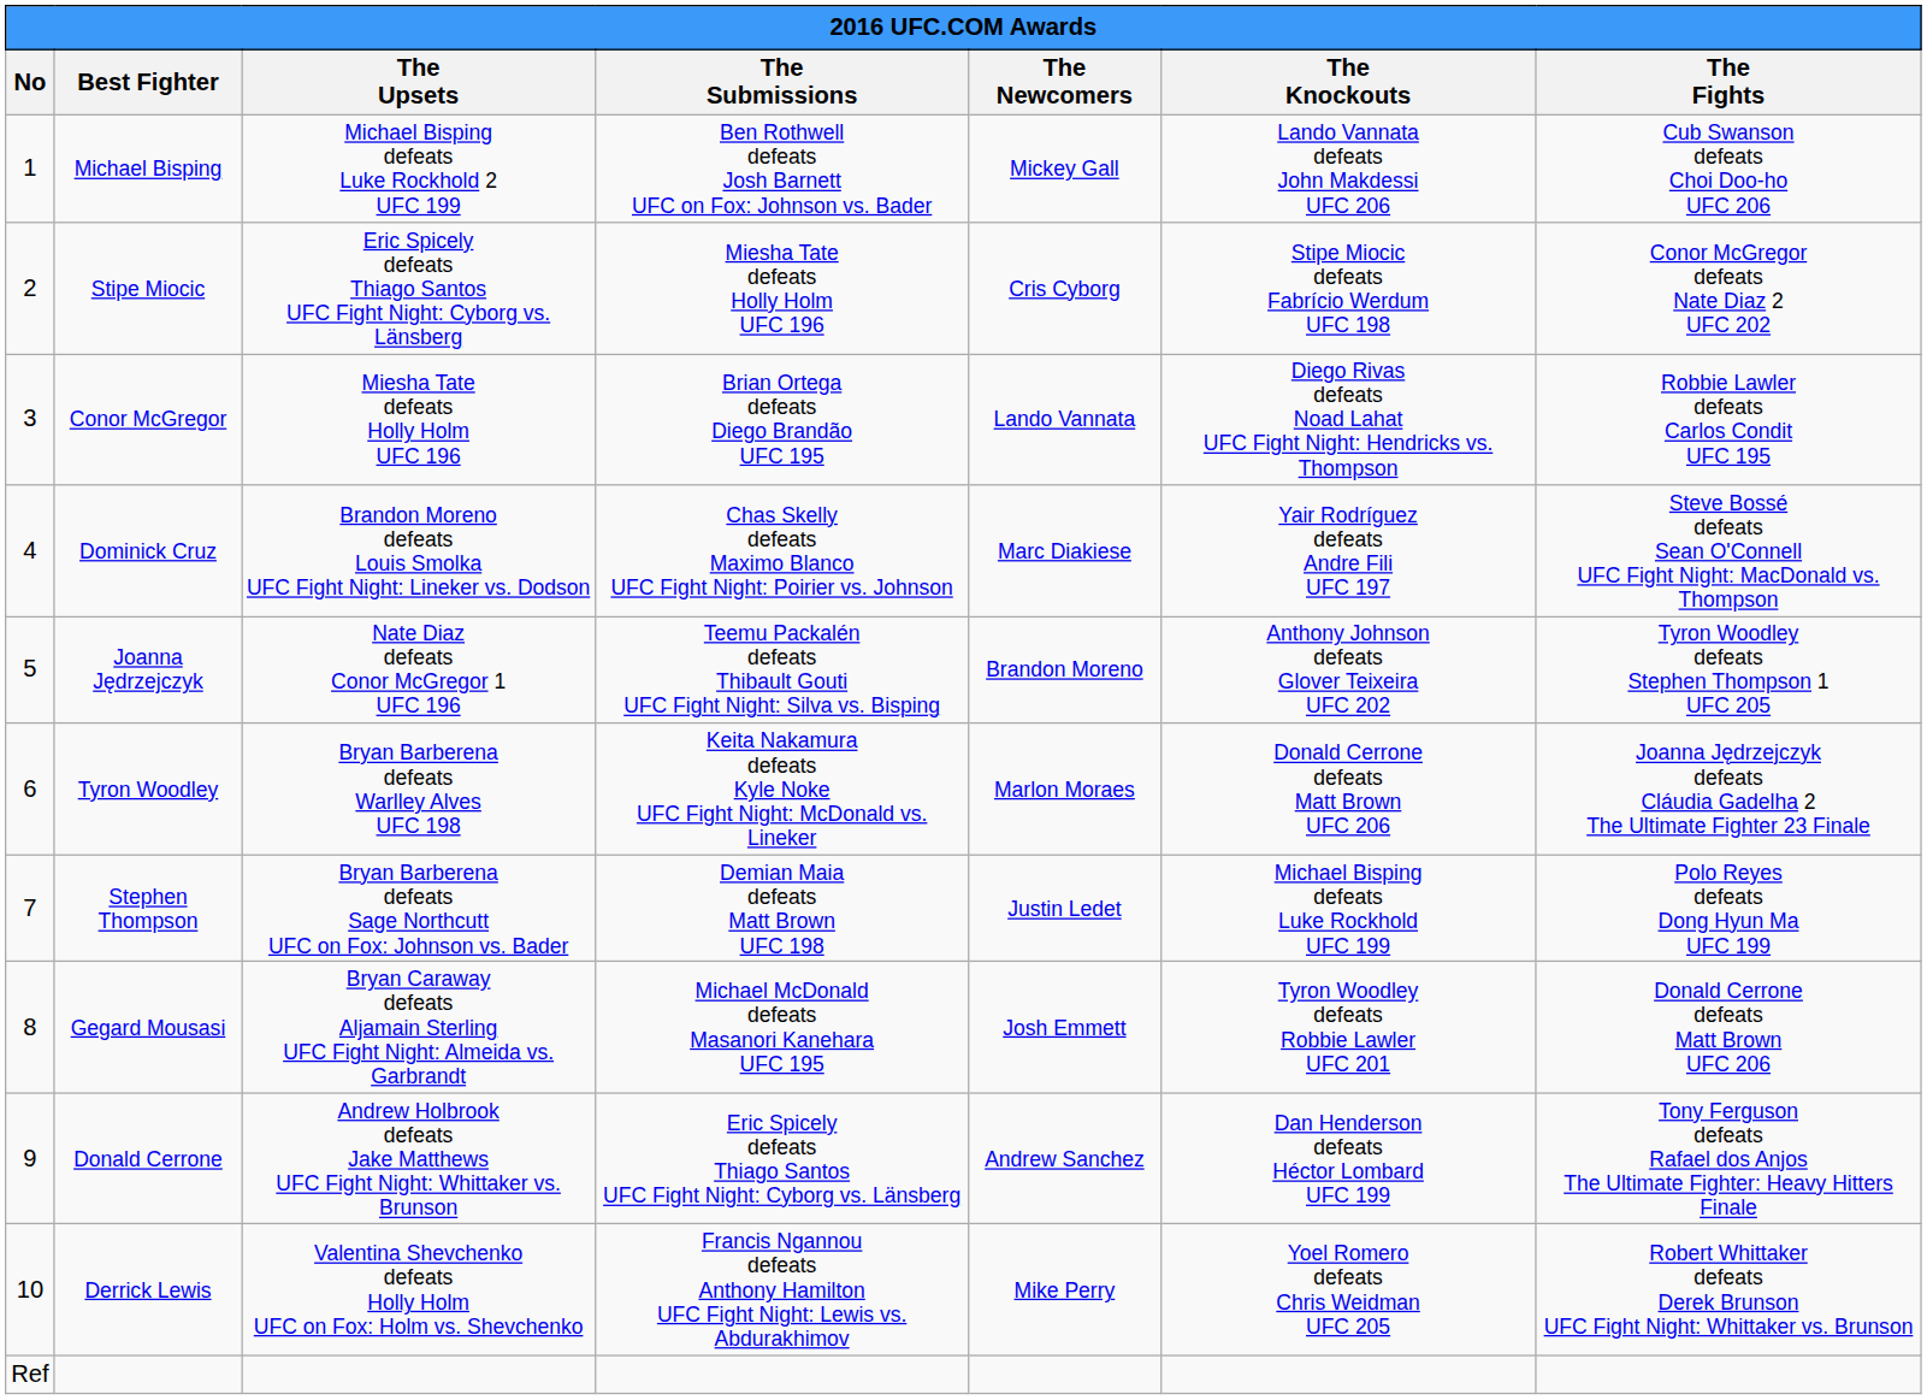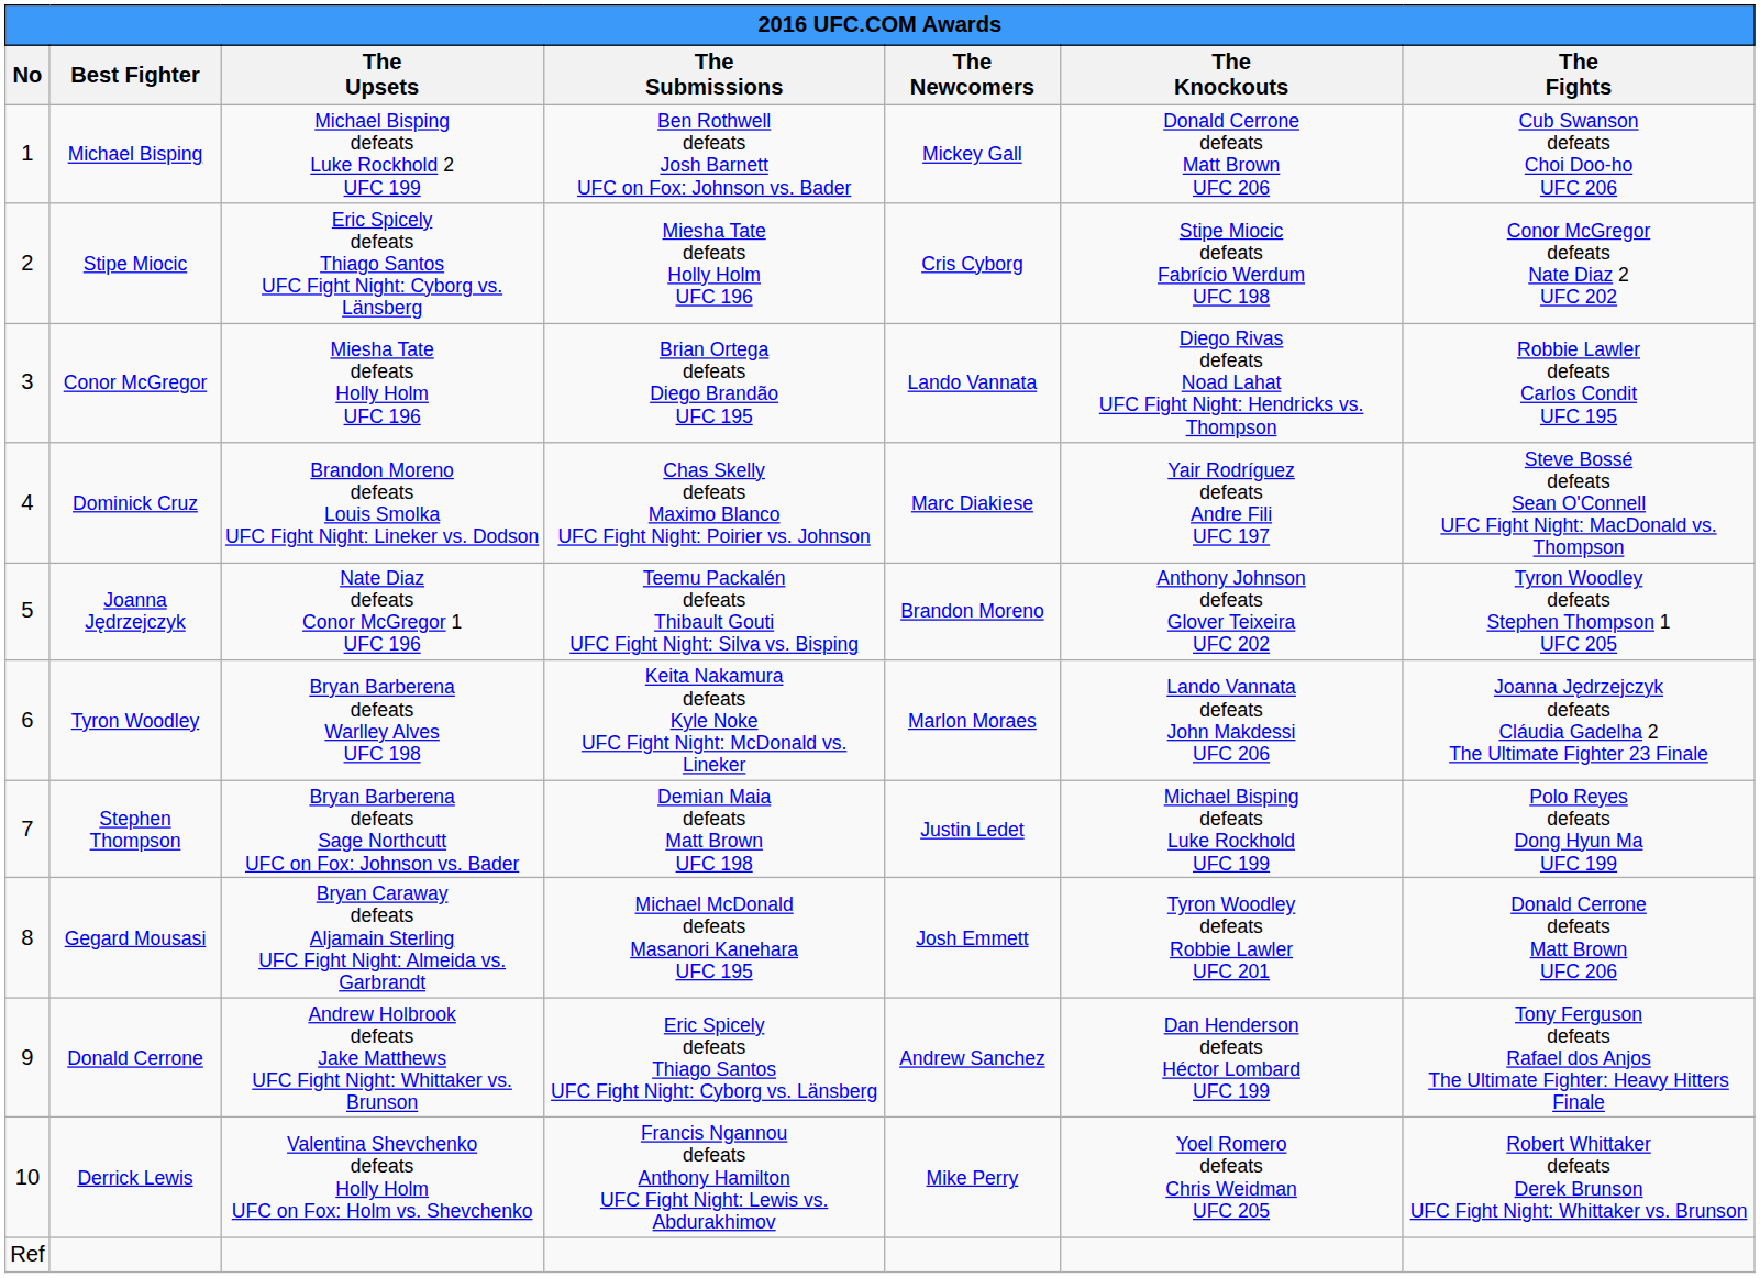 <table class="wikitable" width="100%" style="text-align:Center">
 <tr>
 <th colspan="7" style="border: 1px solid black; padding: 5px; background: #3B99FA;">2016 UFC.COM Awards</th>
 </tr>
 <tr>
 <th>No</th>
 <th>Best Fighter</th>
 <th>The<br>Upsets</th>
 <th>The<br>Submissions</th>
 <th>The Newcomers</th>
 <th>The<br>Knockouts</th>
 <th>The<br>Fights</th>
 </tr>
 <tr>
 <td>1</td>
 <td style="font-size:87%"><a href='#'>Michael Bisping</a></td>
 <td style="font-size:87%"><a href='#'>Michael Bisping</a> <br> defeats <br> <a href='#'>Luke Rockhold</a> 2<br> <a href='#'>UFC 199</a></td>
 <td style="font-size:87%"><a href='#'>Ben Rothwell</a> <br> defeats <br> <a href='#'>Josh Barnett</a> <br> <a href='#'>UFC on Fox: Johnson vs. Bader</a></td>
 <td style="font-size:87%"><a href='#'>Mickey Gall</a></td>
-<td style="font-size:87%"><a href='#'>Lando Vannata</a> <br> defeats <br> <a href='#'>John Makdessi</a> <br> <a href='#'>UFC 206</a></td>
+<td style="font-size:87%"><a href='#'>Donald Cerrone</a> <br> defeats <br> <a href='#'>Matt Brown</a> <br> <a href='#'>UFC 206</a></td>
 <td style="font-size:87%"><a href='#'>Cub Swanson</a> <br> defeats <br> <a href='#'>Choi Doo-ho</a> <br> <a href='#'>UFC 206</a></td>
 </tr>
 <tr>
 <td>2</td>
 <td style="font-size:87%"><a href='#'>Stipe Miocic</a></td>
 <td style="font-size:87%"><a href='#'>Eric Spicely</a> <br> defeats <br> <a href='#'>Thiago Santos</a> <br> <a href='#'>UFC Fight Night: Cyborg vs. Länsberg</a></td>
 <td style="font-size:87%"><a href='#'>Miesha Tate</a> <br> defeats  <br> <a href='#'>Holly Holm</a> <br> <a href='#'>UFC 196</a></td>
 <td style="font-size:87%"><a href='#'>Cris Cyborg</a></td>
 <td style="font-size:87%"><a href='#'>Stipe Miocic</a> <br> defeats <br> <a href='#'>Fabrício Werdum</a> <br> <a href='#'>UFC 198</a></td>
 <td style="font-size:87%"><a href='#'>Conor McGregor</a> <br> defeats <br> <a href='#'>Nate Diaz</a> 2 <br> <a href='#'>UFC 202</a></td>
 </tr>
 <tr>
 <td>3</td>
 <td style="font-size:87%"><a href='#'>Conor McGregor</a></td>
 <td style="font-size:87%"><a href='#'>Miesha Tate</a> <br> defeats  <br> <a href='#'>Holly Holm</a> <br> <a href='#'>UFC 196</a></td>
 <td style="font-size:87%"><a href='#'>Brian Ortega</a> <br> defeats  <br> <a href='#'>Diego Brandão</a> <br> <a href='#'>UFC 195</a></td>
 <td style="font-size:87%"><a href='#'>Lando Vannata</a></td>
 <td style="font-size:87%"><a href='#'>Diego Rivas</a> <br> defeats <br> <a href='#'>Noad Lahat</a> <br> <a href='#'>UFC Fight Night: Hendricks vs. Thompson</a></td>
 <td style="font-size:87%"><a href='#'>Robbie Lawler</a> <br> defeats <br> <a href='#'>Carlos Condit</a> <br> <a href='#'>UFC 195</a></td>
 </tr>
 <tr>
 <td>4</td>
 <td style="font-size:87%"><a href='#'>Dominick Cruz</a></td>
 <td style="font-size:87%"><a href='#'>Brandon Moreno</a> <br> defeats <br> <a href='#'>Louis Smolka</a> <br> <a href='#'>UFC Fight Night: Lineker vs. Dodson</a></td>
 <td style="font-size:87%"><a href='#'>Chas Skelly</a> <br> defeats <br> <a href='#'>Maximo Blanco</a> <br> <a href='#'>UFC Fight Night: Poirier vs. Johnson</a></td>
 <td style="font-size:87%"><a href='#'>Marc Diakiese</a></td>
 <td style="font-size:87%"><a href='#'>Yair Rodríguez</a> <br> defeats <br> <a href='#'>Andre Fili</a> <br> <a href='#'>UFC 197</a></td>
 <td style="font-size:87%"><a href='#'>Steve Bossé</a> <br> defeats <br> <a href='#'>Sean O'Connell</a> <br> <a href='#'>UFC Fight Night: MacDonald vs. Thompson</a></td>
 </tr>
 <tr>
 <td>5</td>
 <td style="font-size:87%"><a href='#'>Joanna Jędrzejczyk</a></td>
 <td style="font-size:87%"><a href='#'>Nate Diaz</a> <br> defeats <br> <a href='#'>Conor McGregor</a> 1 <br> <a href='#'>UFC 196</a></td>
 <td style="font-size:87%"><a href='#'>Teemu Packalén</a> <br> defeats <br> <a href='#'>Thibault Gouti</a> <br> <a href='#'>UFC Fight Night: Silva vs. Bisping</a></td>
 <td style="font-size:87%"><a href='#'>Brandon Moreno</a></td>
 <td style="font-size:87%"><a href='#'>Anthony Johnson</a> <br> defeats <br> <a href='#'>Glover Teixeira</a> <br> <a href='#'>UFC 202</a></td>
 <td style="font-size:87%"><a href='#'>Tyron Woodley</a> <br> defeats <br> <a href='#'>Stephen Thompson</a> 1 <br> <a href='#'>UFC 205</a></td>
 </tr>
 <tr>
 <td>6</td>
 <td style="font-size:87%"><a href='#'>Tyron Woodley</a></td>
 <td style="font-size:87%"><a href='#'>Bryan Barberena</a> <br> defeats <br> <a href='#'>Warlley Alves</a> <br> <a href='#'>UFC 198</a></td>
 <td style="font-size:87%"><a href='#'>Keita Nakamura</a> <br> defeats <br> <a href='#'>Kyle Noke</a> <br> <a href='#'>UFC Fight Night: McDonald vs. Lineker</a></td>
 <td style="font-size:87%"><a href='#'>Marlon Moraes</a></td>
-<td style="font-size:87%"><a href='#'>Donald Cerrone</a> <br> defeats <br> <a href='#'>Matt Brown</a> <br> <a href='#'>UFC 206</a></td>
+<td style="font-size:87%"><a href='#'>Lando Vannata</a> <br> defeats <br> <a href='#'>John Makdessi</a> <br> <a href='#'>UFC 206</a></td>
 <td style="font-size:87%"><a href='#'>Joanna Jędrzejczyk</a> <br> defeats <br> <a href='#'>Cláudia Gadelha</a> 2 <br> <a href='#'>The Ultimate Fighter 23 Finale</a></td>
 </tr>
 <tr>
 <td>7</td>
 <td style="font-size:87%"><a href='#'>Stephen Thompson</a></td>
 <td style="font-size:87%"><a href='#'>Bryan Barberena</a> <br> defeats <br> <a href='#'>Sage Northcutt</a> <br> <a href='#'>UFC on Fox: Johnson vs. Bader</a></td>
 <td style="font-size:87%"><a href='#'>Demian Maia</a> <br> defeats <br> <a href='#'>Matt Brown</a> <br> <a href='#'>UFC 198</a></td>
 <td style="font-size:87%"><a href='#'>Justin Ledet</a></td>
 <td style="font-size:87%"><a href='#'>Michael Bisping</a> <br> defeats <br> <a href='#'>Luke Rockhold</a> <br> <a href='#'>UFC 199</a></td>
 <td style="font-size:87%"><a href='#'>Polo Reyes</a> <br> defeats <br> <a href='#'>Dong Hyun Ma</a> <br> <a href='#'>UFC 199</a></td>
 </tr>
 <tr>
 <td>8</td>
 <td style="font-size:87%"><a href='#'>Gegard Mousasi</a></td>
 <td style="font-size:87%"><a href='#'>Bryan Caraway</a> <br> defeats <br> <a href='#'>Aljamain Sterling</a> <br> <a href='#'>UFC Fight Night: Almeida vs. Garbrandt</a></td>
 <td style="font-size:87%"><a href='#'>Michael McDonald</a> <br> defeats <br> <a href='#'>Masanori Kanehara</a> <br> <a href='#'>UFC 195</a></td>
 <td style="font-size:87%"><a href='#'>Josh Emmett</a></td>
 <td style="font-size:87%"><a href='#'>Tyron Woodley</a> <br> defeats <br> <a href='#'>Robbie Lawler</a> <br> <a href='#'>UFC 201</a></td>
 <td style="font-size:87%"><a href='#'>Donald Cerrone</a> <br> defeats <br> <a href='#'>Matt Brown</a><br> <a href='#'>UFC 206</a></td>
 </tr>
 <tr>
 <td>9</td>
 <td style="font-size:87%"><a href='#'>Donald Cerrone</a></td>
 <td style="font-size:87%"><a href='#'>Andrew Holbrook</a> <br> defeats <br>  <a href='#'>Jake Matthews</a> <br> <a href='#'>UFC Fight Night: Whittaker vs. Brunson</a></td>
 <td style="font-size:87%"><a href='#'>Eric Spicely</a> <br> defeats <br> <a href='#'>Thiago Santos</a> <br> <a href='#'>UFC Fight Night: Cyborg vs. Länsberg</a></td>
 <td style="font-size:87%"><a href='#'>Andrew Sanchez</a></td>
 <td style="font-size:87%"><a href='#'>Dan Henderson</a> <br> defeats <br> <a href='#'>Héctor Lombard</a> <br> <a href='#'>UFC 199</a></td>
 <td style="font-size:87%"><a href='#'>Tony Ferguson</a> <br> defeats <br> <a href='#'>Rafael dos Anjos</a> <br> <a href='#'>The Ultimate Fighter: Heavy Hitters Finale</a></td>
 </tr>
 <tr>
 <td>10</td>
 <td style="font-size:87%"><a href='#'>Derrick Lewis</a></td>
 <td style="font-size:87%"><a href='#'>Valentina Shevchenko</a> <br> defeats <br> <a href='#'>Holly Holm</a> <br> <a href='#'>UFC on Fox: Holm vs. Shevchenko</a></td>
 <td style="font-size:87%"><a href='#'>Francis Ngannou</a> <br> defeats <br> <a href='#'>Anthony Hamilton</a> <br> <a href='#'>UFC Fight Night: Lewis vs. Abdurakhimov</a></td>
 <td style="font-size:87%"><a href='#'>Mike Perry</a></td>
 <td style="font-size:87%"><a href='#'>Yoel Romero</a><br> defeats <br> <a href='#'>Chris Weidman</a> <br> <a href='#'>UFC 205</a></td>
 <td style="font-size:87%"><a href='#'>Robert Whittaker</a> <br> defeats <br> <a href='#'>Derek Brunson</a> <br> <a href='#'>UFC Fight Night: Whittaker vs. Brunson</a></td>
 </tr>
 <tr>
 <td>Ref</td>
 <td></td>
 <td></td>
 <td></td>
 <td></td>
 <td></td>
 <td></td>
 </tr>
 </table>
